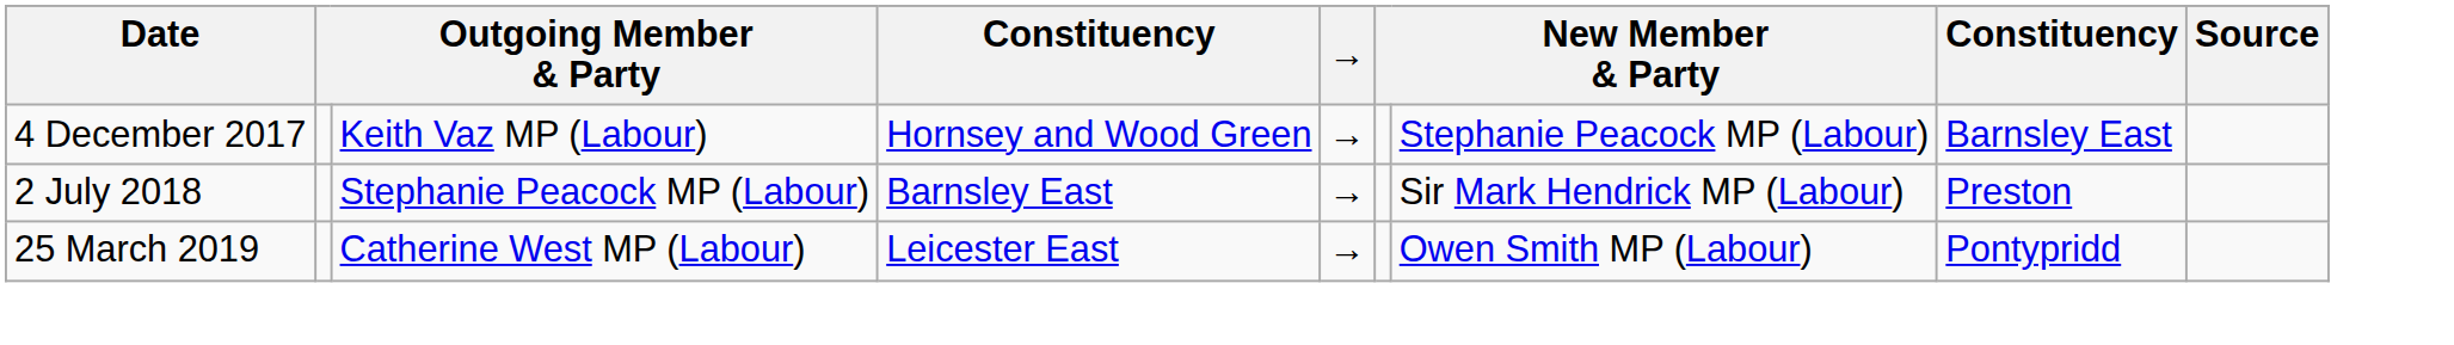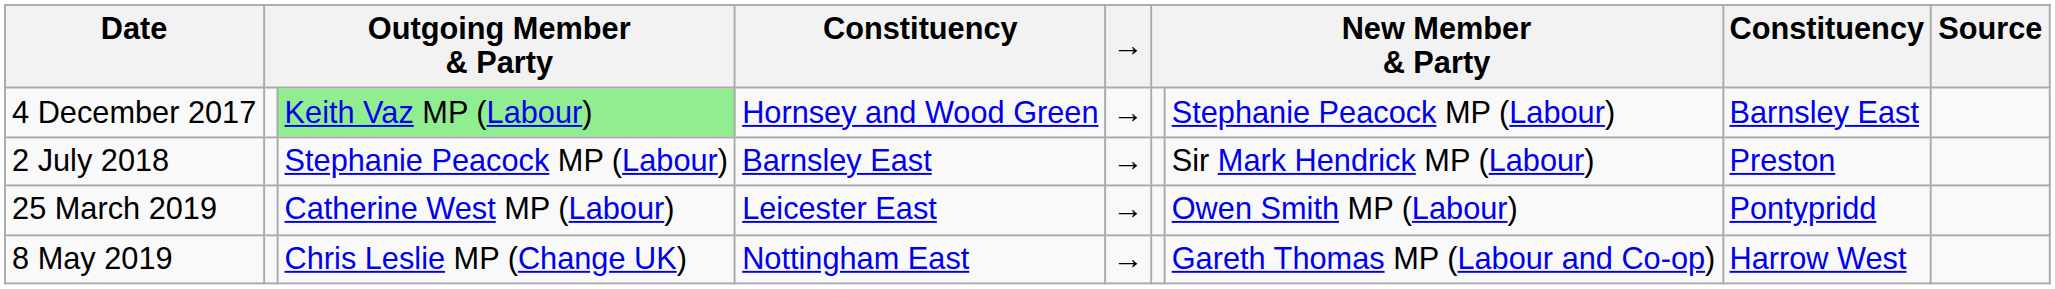 <table class="wikitable">
 <tr>
 <th valign="top">Date</th>
 <th colspan="2" valign="top">Outgoing Member<br>& Party</th>
 <th valign="top">Constituency</th>
 <th>→</th>
 <th colspan="2" valign="top">New Member<br>& Party</th>
 <th valign="top">Constituency</th>
 <th valign="top">Source</th>
 </tr>
 <tr>
 <td nowrap>4 December 2017</td>
 <td style="color:inherit;background:"></td>
-<td><a href='#'>Keith Vaz</a> MP (<a href='#'>Labour</a>)</td>
+<td style="background: lightgreen;"><a href='#'>Keith Vaz</a> MP (<a href='#'>Labour</a>)</td>
 <td><a href='#'>Hornsey and Wood Green</a></td>
 <td>→</td>
 <td style="color:inherit;background:"></td>
 <td><a href='#'>Stephanie Peacock</a> MP (<a href='#'>Labour</a>)</td>
 <td><a href='#'>Barnsley East</a></td>
 <td></td>
 </tr>
 <tr>
 <td nowrap>2 July 2018</td>
 <td style="color:inherit;background:"></td>
 <td><a href='#'>Stephanie Peacock</a> MP (<a href='#'>Labour</a>)</td>
 <td><a href='#'>Barnsley East</a></td>
 <td>→</td>
 <td style="color:inherit;background:"></td>
 <td>Sir <a href='#'>Mark Hendrick</a> MP (<a href='#'>Labour</a>)</td>
 <td><a href='#'>Preston</a></td>
 <td></td>
 </tr>
 <tr>
 <td nowrap>25 March 2019</td>
 <td style="color:inherit;background:"></td>
 <td><a href='#'>Catherine West</a> MP (<a href='#'>Labour</a>)</td>
 <td><a href='#'>Leicester East</a></td>
 <td>→</td>
 <td style="color:inherit;background:"></td>
 <td><a href='#'>Owen Smith</a> MP (<a href='#'>Labour</a>)</td>
 <td><a href='#'>Pontypridd</a></td>
 <td></td>
 </tr>
+<tr>
+<td nowrap>8 May 2019</td>
+<td style="color:inherit;background:"></td>
+<td><a href='#'>Chris Leslie</a> MP (<a href='#'>Change UK</a>)</td>
+<td><a href='#'>Nottingham East</a></td>
+<td>→</td>
+<td style="color:inherit;background:"></td>
+<td><a href='#'>Gareth Thomas</a> MP (<a href='#'>Labour and Co-op</a>)</td>
+<td><a href='#'>Harrow West</a></td>
+<td></td>
+</tr>
 </table>
